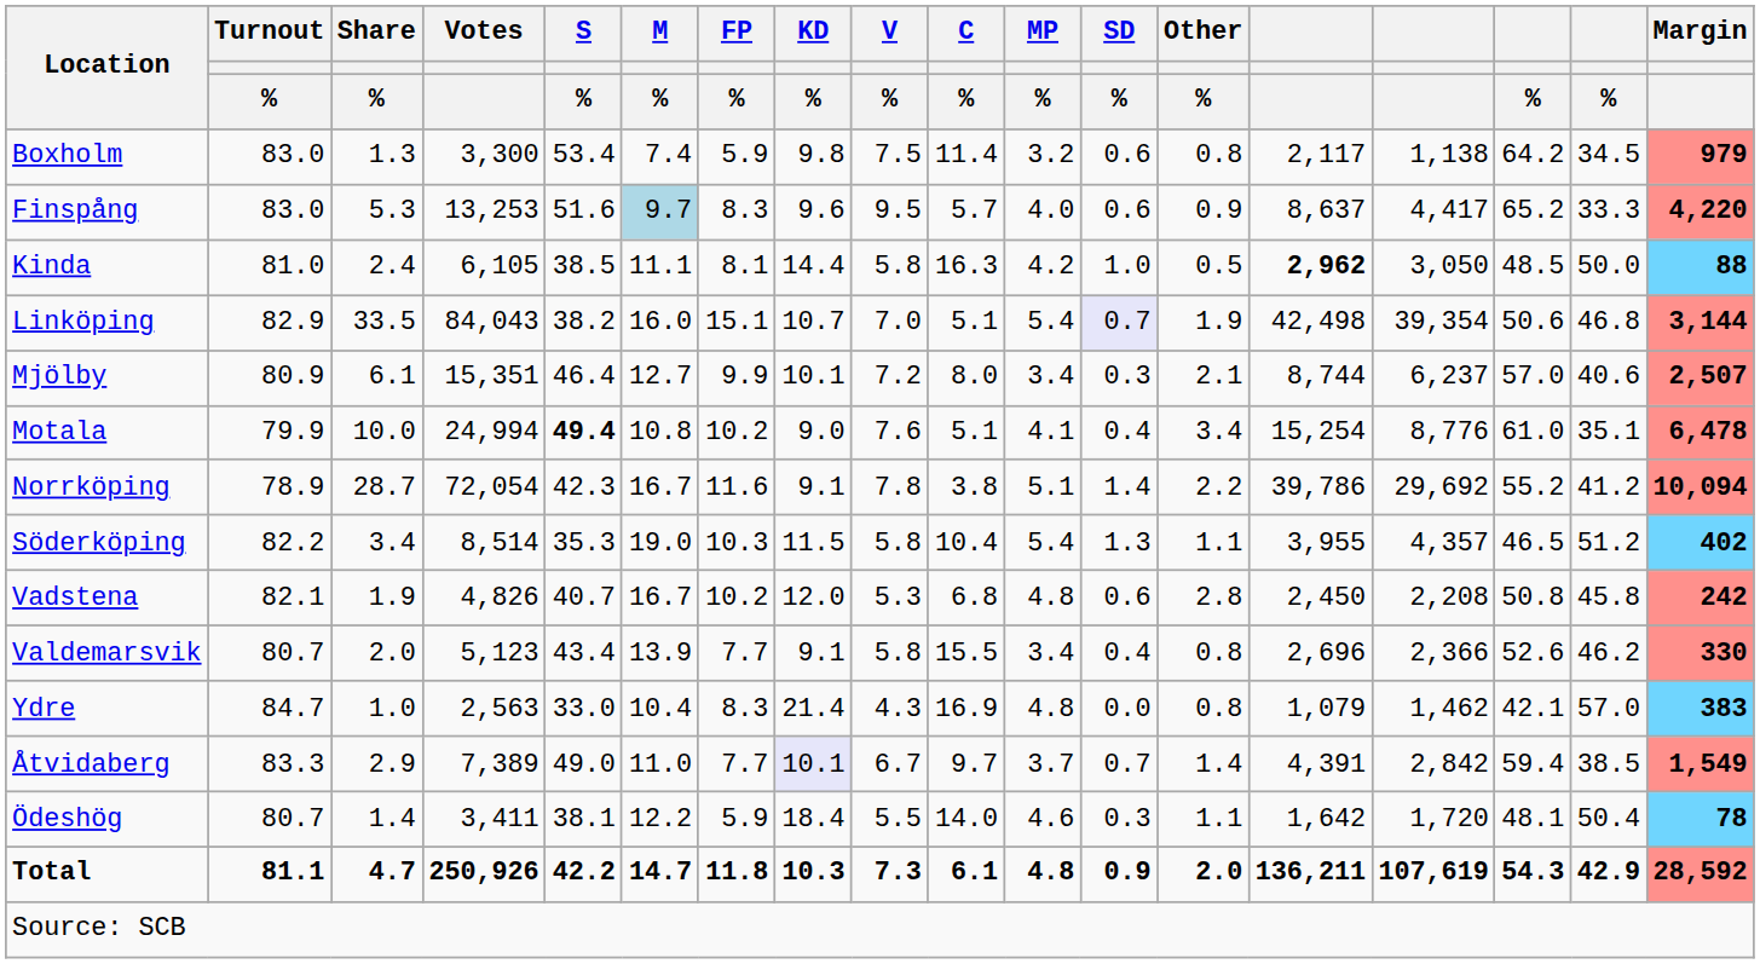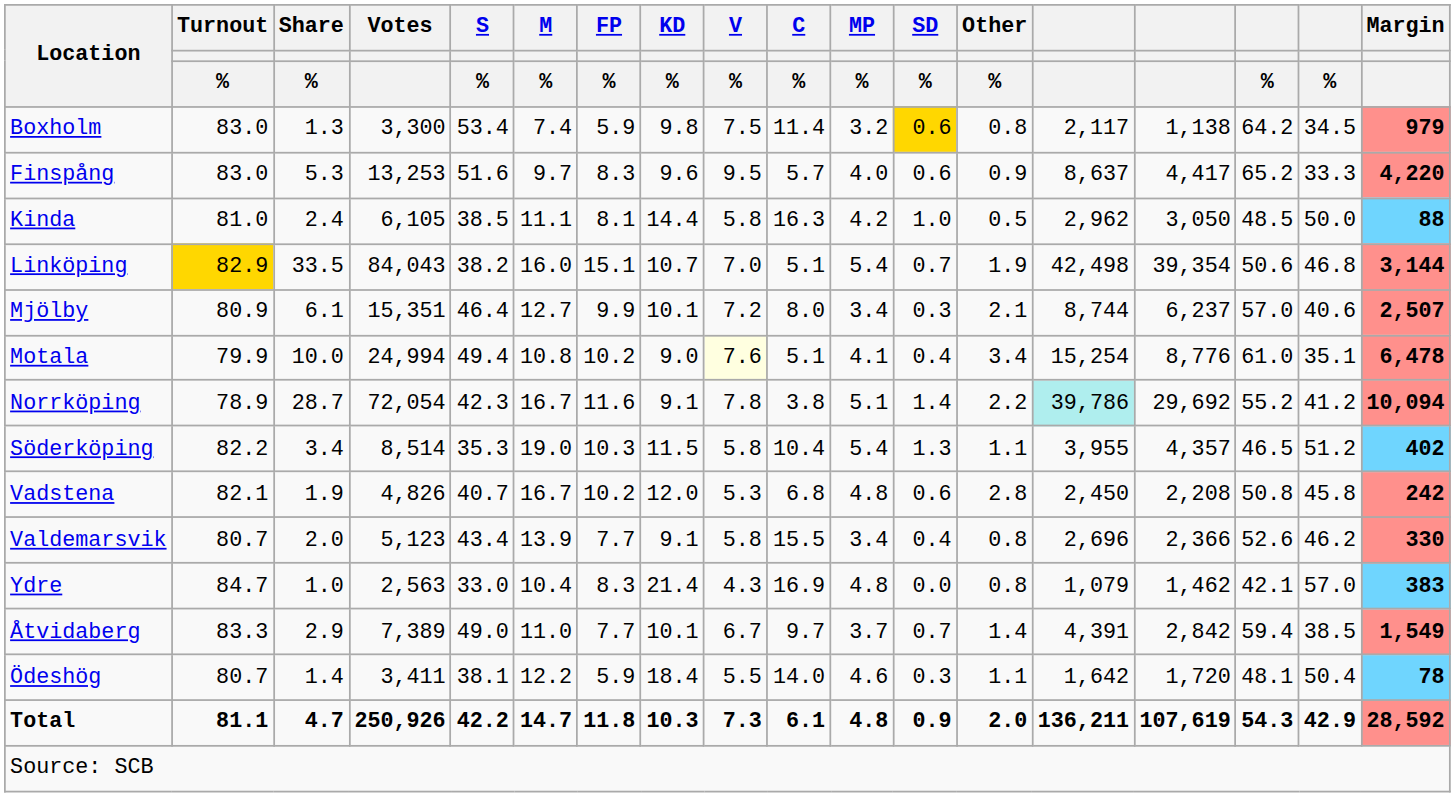 <table class="wikitable sortable" style="text-align:right; font-size:95%; line-height:20px;">
 <tr>
 <th rowspan="3">Location</th>
 <th>Turnout</th>
 <th>Share</th>
 <th>Votes</th>
 <th width="30px" class="unsortable"><a href='#'>S</a></th>
 <th width="30px" class="unsortable"><a href='#'>M</a></th>
 <th width="30px" class="unsortable"><a href='#'>FP</a></th>
 <th width="30px" class="unsortable"><a href='#'>KD</a></th>
 <th width="30px" class="unsortable"><a href='#'>V</a></th>
 <th width="30px" class="unsortable"><a href='#'>C</a></th>
 <th width="30px" class="unsortable"><a href='#'>MP</a></th>
 <th width="30px" class="unsortable"><a href='#'>SD</a></th>
 <th width="30px" class="unsortable">Other</th>
 <th></th>
 <th></th>
 <th></th>
 <th></th>
 <th>Margin</th>
 </tr>
 <tr>
 <th></th>
 <th></th>
 <th></th>
 <th style="background:"></th>
 <th style="background:"></th>
 <th style="background:"></th>
 <th style="background:"></th>
 <th style="background:"></th>
 <th style="background:"></th>
 <th style="background:"></th>
 <th style="background:"></th>
 <th style="background:"></th>
 <th style="background:"></th>
 <th style="background:"></th>
 <th style="background:"></th>
 <th style="background:"></th>
 <th></th>
 </tr>
 <tr>
 <th data-sort-type="number">%</th>
 <th data-sort-type="number">%</th>
 <th></th>
 <th data-sort-type="number">%</th>
 <th data-sort-type="number">%</th>
 <th data-sort-type="number">%</th>
 <th data-sort-type="number">%</th>
 <th data-sort-type="number">%</th>
 <th data-sort-type="number">%</th>
 <th data-sort-type="number">%</th>
 <th data-sort-type="number">%</th>
 <th data-sort-type="number">%</th>
 <th data-sort-type="number"></th>
 <th data-sort-type="number"></th>
 <th data-sort-type="number">%</th>
 <th data-sort-type="number">%</th>
 <th data-sort-type="number"></th>
 </tr>
 <tr>
 <td align=left><a href='#'>Boxholm</a></td>
 <td>83.0</td>
 <td>1.3</td>
 <td>3,300</td>
 <td>53.4</td>
 <td>7.4</td>
 <td>5.9</td>
 <td>9.8</td>
 <td>7.5</td>
 <td>11.4</td>
 <td>3.2</td>
-<td>0.6</td>
+<td style="background: gold;">0.6</td>
 <td>0.8</td>
 <td>2,117</td>
 <td>1,138</td>
 <td>64.2</td>
 <td>34.5</td>
 <td bgcolor=#ff908c><strong>979</strong></td>
 </tr>
 <tr>
 <td align=left><a href='#'>Finspång</a></td>
 <td>83.0</td>
 <td>5.3</td>
 <td>13,253</td>
 <td>51.6</td>
-<td style="background: lightblue;">9.7</td>
+<td>9.7</td>
 <td>8.3</td>
 <td>9.6</td>
 <td>9.5</td>
 <td>5.7</td>
 <td>4.0</td>
 <td>0.6</td>
 <td>0.9</td>
 <td>8,637</td>
 <td>4,417</td>
 <td>65.2</td>
 <td>33.3</td>
 <td bgcolor=#ff908c><strong>4,220</strong></td>
 </tr>
 <tr>
 <td align=left><a href='#'>Kinda</a></td>
 <td>81.0</td>
 <td>2.4</td>
 <td>6,105</td>
 <td>38.5</td>
 <td>11.1</td>
 <td>8.1</td>
 <td>14.4</td>
 <td>5.8</td>
 <td>16.3</td>
 <td>4.2</td>
 <td>1.0</td>
 <td>0.5</td>
-<td><strong>2,962</strong></td>
+<td>2,962</td>
 <td>3,050</td>
 <td>48.5</td>
 <td>50.0</td>
 <td bgcolor=#6fd5fe><strong>88</strong></td>
 </tr>
 <tr>
 <td align=left><a href='#'>Linköping</a></td>
-<td>82.9</td>
+<td style="background: gold;">82.9</td>
 <td>33.5</td>
 <td>84,043</td>
 <td>38.2</td>
 <td>16.0</td>
 <td>15.1</td>
 <td>10.7</td>
 <td>7.0</td>
 <td>5.1</td>
 <td>5.4</td>
-<td style="background: lavender;">0.7</td>
+<td>0.7</td>
 <td>1.9</td>
 <td>42,498</td>
 <td>39,354</td>
 <td>50.6</td>
 <td>46.8</td>
 <td bgcolor=#ff908c><strong>3,144</strong></td>
 </tr>
 <tr>
 <td align=left><a href='#'>Mjölby</a></td>
 <td>80.9</td>
 <td>6.1</td>
 <td>15,351</td>
 <td>46.4</td>
 <td>12.7</td>
 <td>9.9</td>
 <td>10.1</td>
 <td>7.2</td>
 <td>8.0</td>
 <td>3.4</td>
 <td>0.3</td>
 <td>2.1</td>
 <td>8,744</td>
 <td>6,237</td>
 <td>57.0</td>
 <td>40.6</td>
 <td bgcolor=#ff908c><strong>2,507</strong></td>
 </tr>
 <tr>
 <td align=left><a href='#'>Motala</a></td>
 <td>79.9</td>
 <td>10.0</td>
 <td>24,994</td>
-<td><strong>49.4</strong></td>
+<td>49.4</td>
 <td>10.8</td>
 <td>10.2</td>
 <td>9.0</td>
-<td>7.6</td>
+<td style="background: lightyellow;">7.6</td>
 <td>5.1</td>
 <td>4.1</td>
 <td>0.4</td>
 <td>3.4</td>
 <td>15,254</td>
 <td>8,776</td>
 <td>61.0</td>
 <td>35.1</td>
 <td bgcolor=#ff908c><strong>6,478</strong></td>
 </tr>
 <tr>
 <td align=left><a href='#'>Norrköping</a></td>
 <td>78.9</td>
 <td>28.7</td>
 <td>72,054</td>
 <td>42.3</td>
 <td>16.7</td>
 <td>11.6</td>
 <td>9.1</td>
 <td>7.8</td>
 <td>3.8</td>
 <td>5.1</td>
 <td>1.4</td>
 <td>2.2</td>
-<td>39,786</td>
+<td style="background: paleturquoise;">39,786</td>
 <td>29,692</td>
 <td>55.2</td>
 <td>41.2</td>
 <td bgcolor=#ff908c><strong>10,094</strong></td>
 </tr>
 <tr>
 <td align=left><a href='#'>Söderköping</a></td>
 <td>82.2</td>
 <td>3.4</td>
 <td>8,514</td>
 <td>35.3</td>
 <td>19.0</td>
 <td>10.3</td>
 <td>11.5</td>
 <td>5.8</td>
 <td>10.4</td>
 <td>5.4</td>
 <td>1.3</td>
 <td>1.1</td>
 <td>3,955</td>
 <td>4,357</td>
 <td>46.5</td>
 <td>51.2</td>
 <td bgcolor=#6fd5fe><strong>402</strong></td>
 </tr>
 <tr>
 <td align=left><a href='#'>Vadstena</a></td>
 <td>82.1</td>
 <td>1.9</td>
 <td>4,826</td>
 <td>40.7</td>
 <td>16.7</td>
 <td>10.2</td>
 <td>12.0</td>
 <td>5.3</td>
 <td>6.8</td>
 <td>4.8</td>
 <td>0.6</td>
 <td>2.8</td>
 <td>2,450</td>
 <td>2,208</td>
 <td>50.8</td>
 <td>45.8</td>
 <td bgcolor=#ff908c><strong>242</strong></td>
 </tr>
 <tr>
 <td align=left><a href='#'>Valdemarsvik</a></td>
 <td>80.7</td>
 <td>2.0</td>
 <td>5,123</td>
 <td>43.4</td>
 <td>13.9</td>
 <td>7.7</td>
 <td>9.1</td>
 <td>5.8</td>
 <td>15.5</td>
 <td>3.4</td>
 <td>0.4</td>
 <td>0.8</td>
 <td>2,696</td>
 <td>2,366</td>
 <td>52.6</td>
 <td>46.2</td>
 <td bgcolor=#ff908c><strong>330</strong></td>
 </tr>
 <tr>
 <td align=left><a href='#'>Ydre</a></td>
 <td>84.7</td>
 <td>1.0</td>
 <td>2,563</td>
 <td>33.0</td>
 <td>10.4</td>
 <td>8.3</td>
 <td>21.4</td>
 <td>4.3</td>
 <td>16.9</td>
 <td>4.8</td>
 <td>0.0</td>
 <td>0.8</td>
 <td>1,079</td>
 <td>1,462</td>
 <td>42.1</td>
 <td>57.0</td>
 <td bgcolor=#6fd5fe><strong>383</strong></td>
 </tr>
 <tr>
 <td align=left><a href='#'>Åtvidaberg</a></td>
 <td>83.3</td>
 <td>2.9</td>
 <td>7,389</td>
 <td>49.0</td>
 <td>11.0</td>
 <td>7.7</td>
-<td style="background: lavender;">10.1</td>
+<td>10.1</td>
 <td>6.7</td>
 <td>9.7</td>
 <td>3.7</td>
 <td>0.7</td>
 <td>1.4</td>
 <td>4,391</td>
 <td>2,842</td>
 <td>59.4</td>
 <td>38.5</td>
 <td bgcolor=#ff908c><strong>1,549</strong></td>
 </tr>
 <tr>
 <td align=left><a href='#'>Ödeshög</a></td>
 <td>80.7</td>
 <td>1.4</td>
 <td>3,411</td>
 <td>38.1</td>
 <td>12.2</td>
 <td>5.9</td>
 <td>18.4</td>
 <td>5.5</td>
 <td>14.0</td>
 <td>4.6</td>
 <td>0.3</td>
 <td>1.1</td>
 <td>1,642</td>
 <td>1,720</td>
 <td>48.1</td>
 <td>50.4</td>
 <td bgcolor=#6fd5fe><strong>78</strong></td>
 </tr>
 <tr>
 <td align=left><strong>Total</strong></td>
 <td><strong>81.1</strong></td>
 <td><strong>4.7</strong></td>
 <td><strong>250,926</strong></td>
 <td><strong>42.2</strong></td>
 <td><strong>14.7</strong></td>
 <td><strong>11.8</strong></td>
 <td><strong>10.3</strong></td>
 <td><strong>7.3</strong></td>
 <td><strong>6.1</strong></td>
 <td><strong>4.8</strong></td>
 <td><strong>0.9</strong></td>
 <td><strong>2.0</strong></td>
 <td><strong>136,211</strong></td>
 <td><strong>107,619</strong></td>
 <td><strong>54.3</strong></td>
 <td><strong>42.9</strong></td>
 <td bgcolor=#ff908c><strong>28,592</strong></td>
 </tr>
 <tr>
 <td align=left colspan=18>Source: SCB </td>
 </tr>
 </table>
